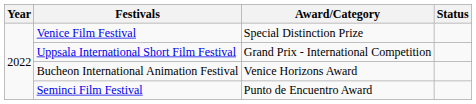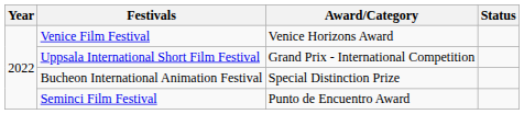 <table class="wikitable">
 <tr>
 <th>Year</th>
 <th>Festivals</th>
 <th>Award/Category</th>
 <th>Status</th>
 </tr>
 <tr>
 <td rowspan="4">2022</td>
 <td><a href='#'>Venice Film Festival</a></td>
-<td>Special Distinction Prize</td>
+<td>Venice Horizons Award</td>
 <td></td>
 </tr>
 <tr>
 <td><a href='#'>Uppsala International Short Film Festival</a></td>
 <td>Grand Prix - International Competition</td>
 <td></td>
 </tr>
 <tr>
 <td>Bucheon International Animation Festival</td>
-<td>Venice Horizons Award</td>
+<td>Special Distinction Prize</td>
 <td></td>
 </tr>
 <tr>
 <td><a href='#'>Seminci Film Festival</a></td>
 <td>Punto de Encuentro Award</td>
 <td></td>
 </tr>
 </table>
